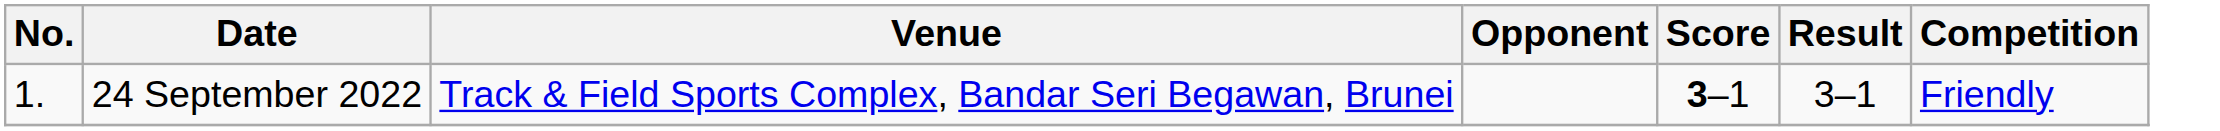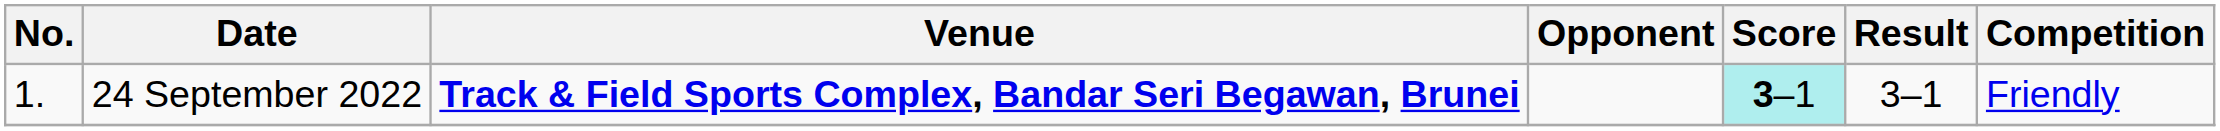 <table class="wikitable">
 <tr>
 <th>No.</th>
 <th>Date</th>
 <th>Venue</th>
 <th>Opponent</th>
 <th>Score</th>
 <th>Result</th>
 <th>Competition</th>
 </tr>
 <tr>
 <td>1.</td>
 <td>24 September 2022</td>
-<td><a href='#'>Track & Field Sports Complex</a>, <a href='#'>Bandar Seri Begawan</a>, <a href='#'>Brunei</a></td>
+<td><strong><a href='#'>Track & Field Sports Complex</a>, <a href='#'>Bandar Seri Begawan</a>, <a href='#'>Brunei</a></strong></td>
 <td></td>
-<td align=center><strong>3</strong>–1</td>
+<td align=center style="background: paleturquoise;"><strong>3</strong>–1</td>
 <td align=center>3–1</td>
 <td><a href='#'>Friendly</a></td>
 </tr>
 <tr>
 </tr>
 </table>
